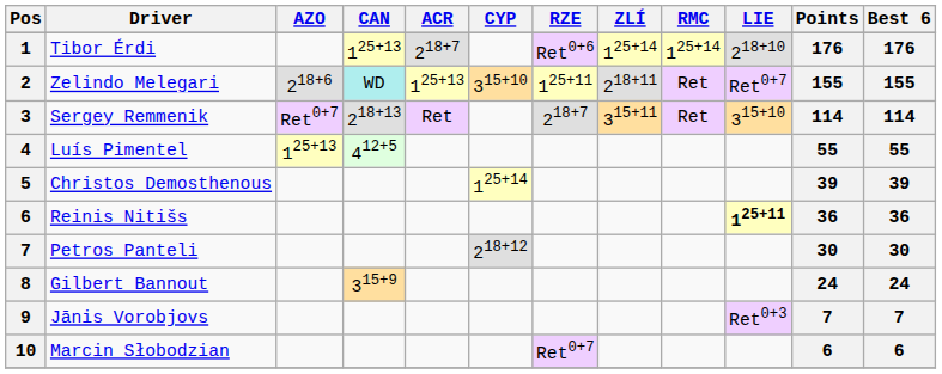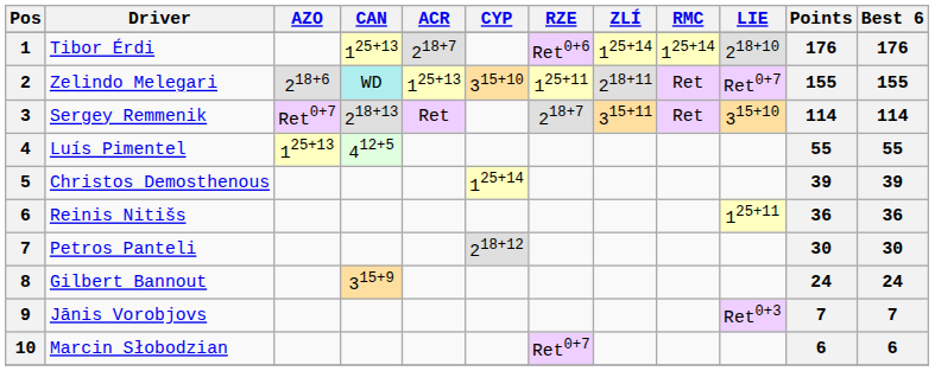 <table class="wikitable" style="font-size: 85%; text-align: center;">
 <tr valign="top">
 <th valign="middle">Pos</th>
 <th valign="middle">Driver</th>
 <th><a href='#'>AZO</a><br></th>
 <th><a href='#'>CAN</a><br></th>
 <th><a href='#'>ACR</a><br></th>
 <th><a href='#'>CYP</a><br></th>
 <th><a href='#'>RZE</a><br></th>
 <th><a href='#'>ZLÍ</a><br></th>
 <th><a href='#'>RMC</a><br></th>
 <th><a href='#'>LIE</a><br></th>
 <th valign="middle">Points</th>
 <th valign="middle">Best 6</th>
 </tr>
 <tr>
 </tr>
 <tr>
 <th>1</th>
 <td align=left> <a href='#'>Tibor Érdi</a></td>
 <td></td>
 <td style="background:#ffffbf;">1<sup>25+13</sup></td>
 <td style="background:#dfdfdf;">2<sup>18+7</sup></td>
 <td></td>
 <td style="background:#efcfff;">Ret<sup>0+6</sup></td>
 <td style="background:#ffffbf;">1<sup>25+14</sup></td>
 <td style="background:#ffffbf;">1<sup>25+14</sup></td>
 <td style="background:#dfdfdf;">2<sup>18+10</sup></td>
 <th>176</th>
 <th>176</th>
 </tr>
 <tr>
 <th>2</th>
 <td align=left> <a href='#'>Zelindo Melegari</a></td>
 <td style="background:#dfdfdf;">2<sup>18+6</sup></td>
 <td style="background: paleturquoise;">WD</td>
 <td style="background:#ffffbf;">1<sup>25+13</sup></td>
 <td style="background:#ffdf9f;">3<sup>15+10</sup></td>
 <td style="background:#ffffbf;">1<sup>25+11</sup></td>
 <td style="background:#dfdfdf;">2<sup>18+11</sup></td>
 <td style="background:#efcfff;">Ret</td>
 <td style="background:#efcfff;">Ret<sup>0+7</sup></td>
 <th>155</th>
 <th>155</th>
 </tr>
 <tr>
 <th>3</th>
 <td align=left> <a href='#'>Sergey Remmenik</a></td>
 <td style="background:#efcfff;">Ret<sup>0+7</sup></td>
 <td style="background:#dfdfdf;">2<sup>18+13</sup></td>
 <td style="background:#efcfff;">Ret</td>
 <td></td>
 <td style="background:#dfdfdf;">2<sup>18+7</sup></td>
 <td style="background:#ffdf9f;">3<sup>15+11</sup></td>
 <td style="background:#efcfff;">Ret</td>
 <td style="background:#ffdf9f;">3<sup>15+10</sup></td>
 <th>114</th>
 <th>114</th>
 </tr>
 <tr>
 <th>4</th>
 <td align=left> <a href='#'>Luís Pimentel</a></td>
 <td style="background:#ffffbf;">1<sup>25+13</sup></td>
 <td style="background:#dfffdf;">4<sup>12+5</sup></td>
 <td></td>
 <td></td>
 <td></td>
 <td></td>
 <td></td>
 <td></td>
 <th>55</th>
 <th>55</th>
 </tr>
 <tr>
 <th>5</th>
 <td align=left> <a href='#'>Christos Demosthenous</a></td>
 <td></td>
 <td></td>
 <td></td>
 <td style="background:#ffffbf;">1<sup>25+14</sup></td>
 <td></td>
 <td></td>
 <td></td>
 <td></td>
 <th>39</th>
 <th>39</th>
 </tr>
 <tr>
 <th>6</th>
 <td align=left> <a href='#'>Reinis Nitišs</a></td>
 <td></td>
 <td></td>
 <td></td>
 <td></td>
 <td></td>
 <td></td>
 <td></td>
-<td style="background:#ffffbf;"><strong>1<sup>25+11</sup></strong></td>
+<td style="background:#ffffbf;">1<sup>25+11</sup></td>
 <th>36</th>
 <th>36</th>
 </tr>
 <tr>
 <th>7</th>
 <td align=left> <a href='#'>Petros Panteli</a></td>
 <td></td>
 <td></td>
 <td></td>
 <td style="background:#dfdfdf;">2<sup>18+12</sup></td>
 <td></td>
 <td></td>
 <td></td>
 <td></td>
 <th>30</th>
 <th>30</th>
 </tr>
 <tr>
 <th>8</th>
 <td align=left> <a href='#'>Gilbert Bannout</a></td>
 <td></td>
 <td style="background:#ffdf9f;">3<sup>15+9</sup></td>
 <td></td>
 <td></td>
 <td></td>
 <td></td>
 <td></td>
 <td></td>
 <th>24</th>
 <th>24</th>
 </tr>
 <tr>
 <th>9</th>
 <td align=left> <a href='#'>Jānis Vorobjovs</a></td>
 <td></td>
 <td></td>
 <td></td>
 <td></td>
 <td></td>
 <td></td>
 <td></td>
 <td style="background:#efcfff;">Ret<sup>0+3</sup></td>
 <th>7</th>
 <th>7</th>
 </tr>
 <tr>
 <th>10</th>
 <td align=left> <a href='#'>Marcin Słobodzian</a></td>
 <td></td>
 <td></td>
 <td></td>
 <td></td>
 <td style="background:#efcfff;">Ret<sup>0+7</sup></td>
 <td></td>
 <td></td>
 <td></td>
 <th>6</th>
 <th>6</th>
 </tr>
 <tr>
 </tr>
 </table>
